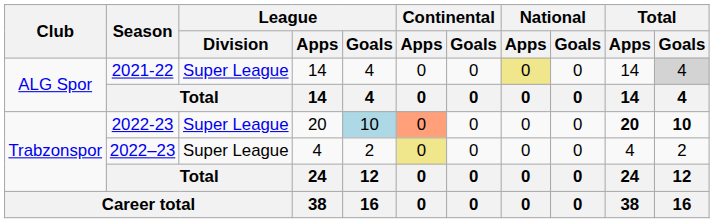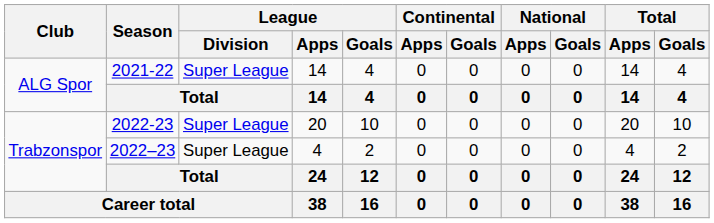 <table class="wikitable" style="text-align: center;">
 <tr>
 <th rowspan=2>Club</th>
 <th rowspan=2>Season</th>
 <th colspan=3>League</th>
 <th colspan=2>Continental</th>
 <th colspan=2>National</th>
 <th colspan=2>Total</th>
 </tr>
 <tr>
 <th>Division</th>
 <th>Apps</th>
 <th>Goals</th>
 <th>Apps</th>
 <th>Goals</th>
 <th>Apps</th>
 <th>Goals</th>
 <th>Apps</th>
 <th>Goals</th>
 </tr>
 <tr>
 <td rowspan=2><a href='#'>ALG Spor</a></td>
 <td><a href='#'>2021-22</a></td>
 <td><a href='#'>Super League</a></td>
 <td>14</td>
 <td>4</td>
 <td>0</td>
 <td>0</td>
-<td style="background: khaki;">0</td>
+<td>0</td>
 <td>0</td>
 <td>14</td>
-<td style="background: lightgrey;">4</td>
+<td>4</td>
 </tr>
 <tr>
 <th colspan="2">Total</th>
 <th>14</th>
 <th>4</th>
 <th>0</th>
 <th>0</th>
 <th>0</th>
 <th>0</th>
 <th>14</th>
 <th>4</th>
 </tr>
 <tr>
 <td rowspan=3><a href='#'>Trabzonspor</a></td>
 <td><a href='#'>2022-23</a></td>
 <td><a href='#'>Super League</a></td>
 <td>20</td>
-<td style="background: lightblue;">10</td>
-<td style="background: lightsalmon;">0</td>
+<td>10</td>
 <td>0</td>
 <td>0</td>
 <td>0</td>
-<td><strong>20</strong></td>
-<td><strong>10</strong></td>
+<td>0</td>
+<td>20</td>
+<td>10</td>
 </tr>
 <tr>
 <td><a href='#'>2022–23</a></td>
 <td>Super League</td>
 <td>4</td>
 <td>2</td>
-<td style="background: khaki;">0</td>
+<td>0</td>
 <td>0</td>
 <td>0</td>
 <td>0</td>
 <td>4</td>
 <td>2</td>
 </tr>
 <tr>
 <th colspan="2">Total</th>
 <th>24</th>
 <th>12</th>
 <th>0</th>
 <th>0</th>
 <th>0</th>
 <th>0</th>
 <th>24</th>
 <th>12</th>
 </tr>
 <tr>
 <th colspan="3">Career total</th>
 <th>38</th>
 <th>16</th>
 <th>0</th>
 <th>0</th>
 <th>0</th>
 <th>0</th>
 <th>38</th>
 <th>16</th>
 </tr>
 </table>
